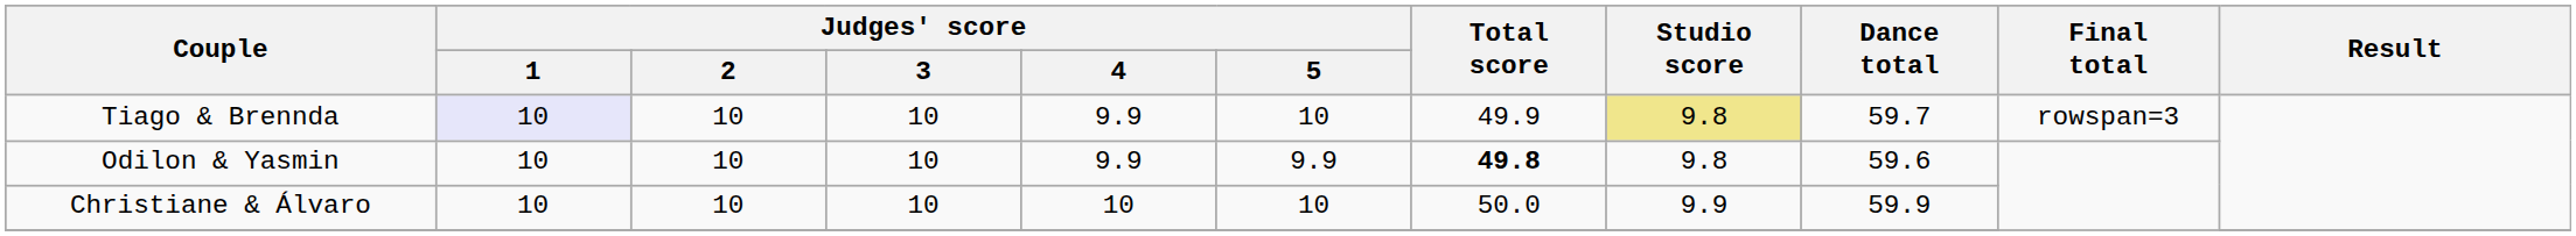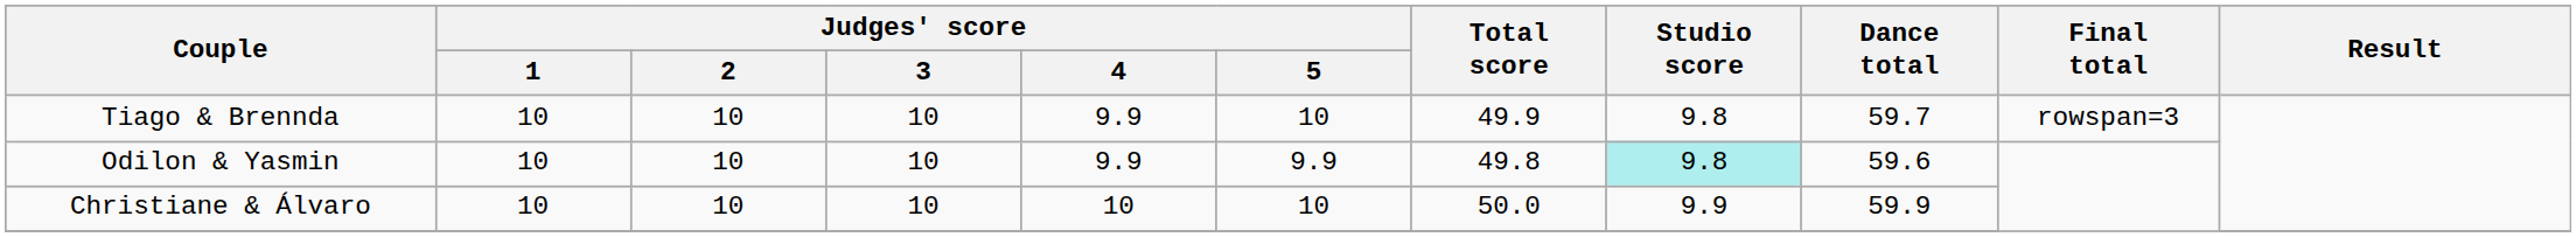 <table class="wikitable" style="font-size:100%; line-height:16px; text-align:center" width="100%">
 <tr>
 <th rowspan=2 width="11.0%">Couple</th>
 <th colspan=5 width="25.0%">Judges' score</th>
 <th rowspan=2 width="05.0%">Total<br>score</th>
 <th rowspan=2 width="05.0%">Studio<br>score</th>
 <th rowspan=2 width="05.0%">Dance<br>total</th>
 <th rowspan=2 width="05.0%">Final<br>total</th>
 <th rowspan=2 width="09.0%">Result</th>
 </tr>
 <tr>
 <th width="05.0%">1</th>
 <th width="05.0%">2</th>
 <th width="05.0%">3</th>
 <th width="05.0%">4</th>
 <th width="05.0%">5</th>
 </tr>
 <tr>
 <td>Tiago & Brennda</td>
-<td style="background: lavender;">10</td>
+<td>10</td>
 <td>10</td>
 <td>10</td>
 <td>9.9</td>
 <td>10</td>
 <td>49.9</td>
-<td style="background: khaki;">9.8</td>
+<td>9.8</td>
 <td>59.7</td>
 <td>rowspan=3 </td>
 <td rowspan=3></td>
 </tr>
 <tr>
 <td>Odilon & Yasmin</td>
 <td>10</td>
 <td>10</td>
 <td>10</td>
 <td>9.9</td>
 <td>9.9</td>
-<td><strong>49.8</strong></td>
-<td>9.8</td>
+<td>49.8</td>
+<td style="background: paleturquoise;">9.8</td>
 <td>59.6</td>
 </tr>
 <tr>
 <td>Christiane & Álvaro</td>
 <td>10</td>
 <td>10</td>
 <td>10</td>
 <td>10</td>
 <td>10</td>
 <td>50.0</td>
 <td>9.9</td>
 <td>59.9</td>
 </tr>
 <tr>
 </tr>
 </table>
